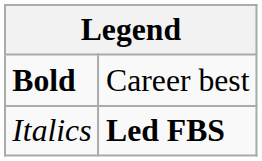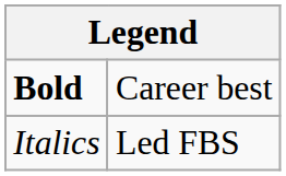 <table class="wikitable">
 <tr>
 <th colspan="2">Legend</th>
 </tr>
 <tr>
 <td><strong>Bold</strong></td>
 <td>Career best</td>
 </tr>
 <tr>
 <td><em>Italics</em></td>
-<td><strong>Led FBS</strong></td>
+<td>Led FBS</td>
 </tr>
 </table>
